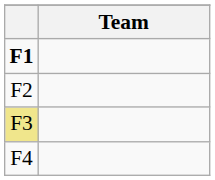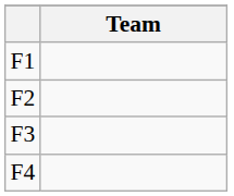 <table class="wikitable" style="display:inline-table;">
 <tr>
 </tr>
 <tr>
 <th></th>
 <th width=120>Team</th>
 </tr>
 <tr>
-<td align=center><strong>F1</strong></td>
+<td align=center>F1</td>
 <td></td>
 </tr>
 <tr>
 <td align=center>F2</td>
 <td></td>
 </tr>
 <tr>
-<td align=center style="background: khaki;">F3</td>
+<td align=center>F3</td>
 <td></td>
 </tr>
 <tr>
 <td align=center>F4</td>
 <td></td>
 </tr>
 </table>
